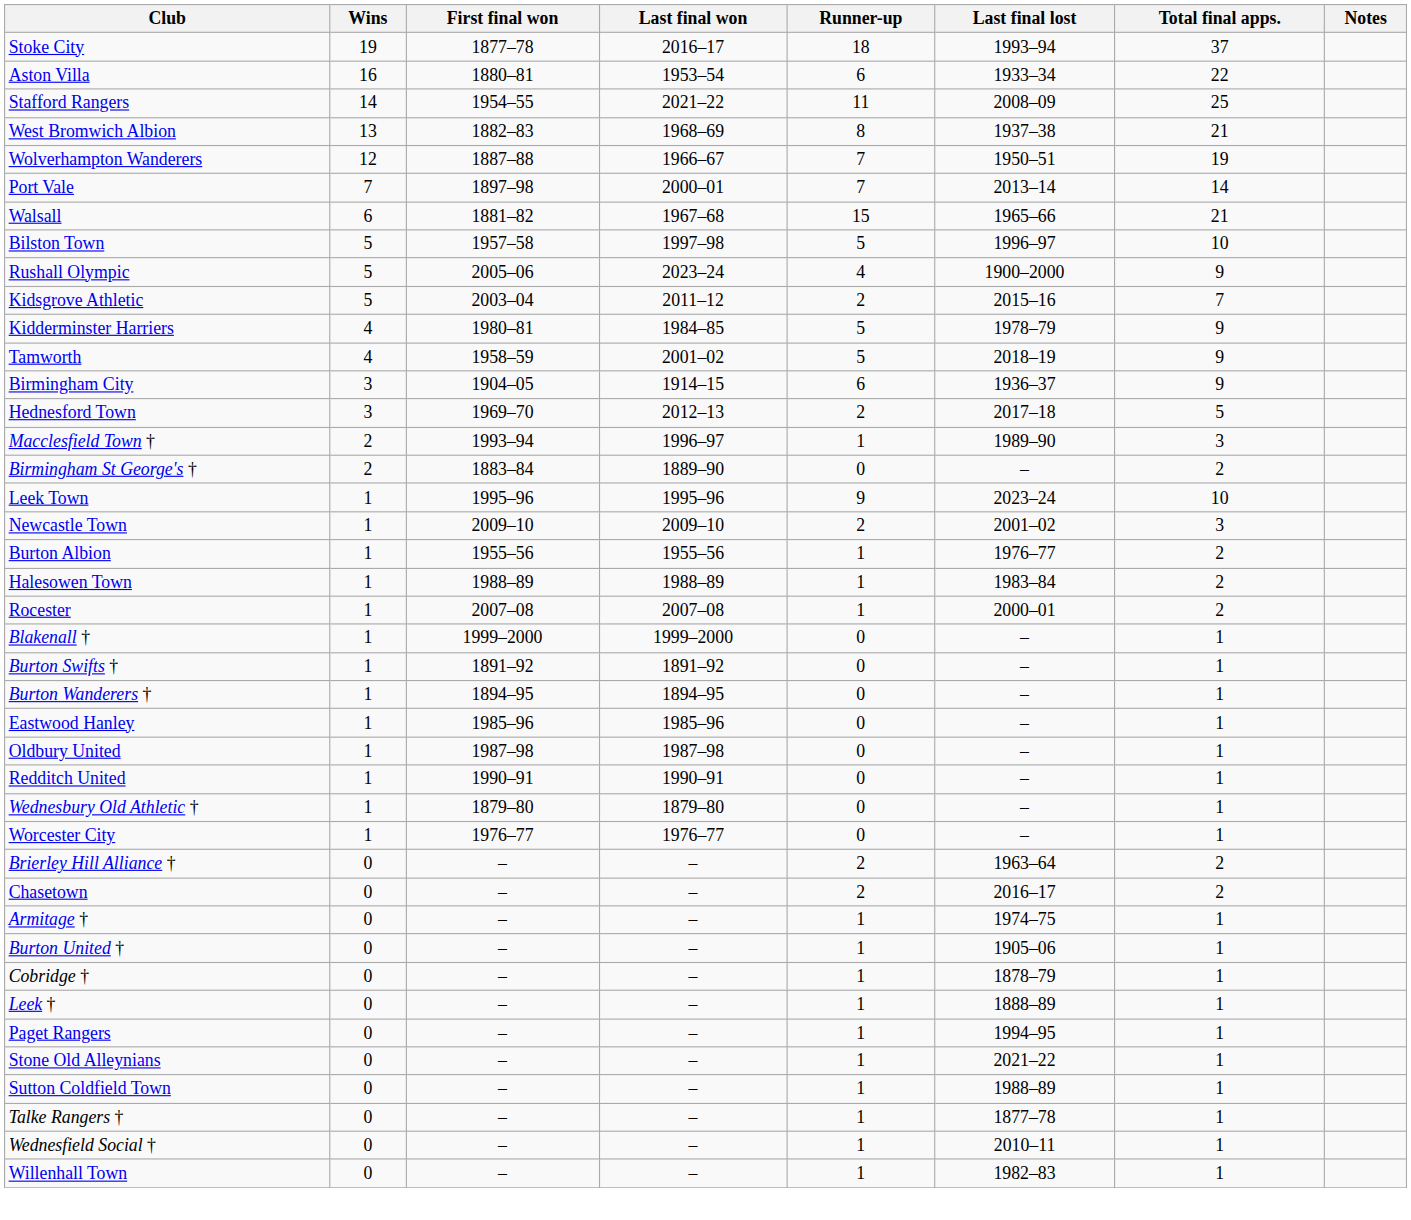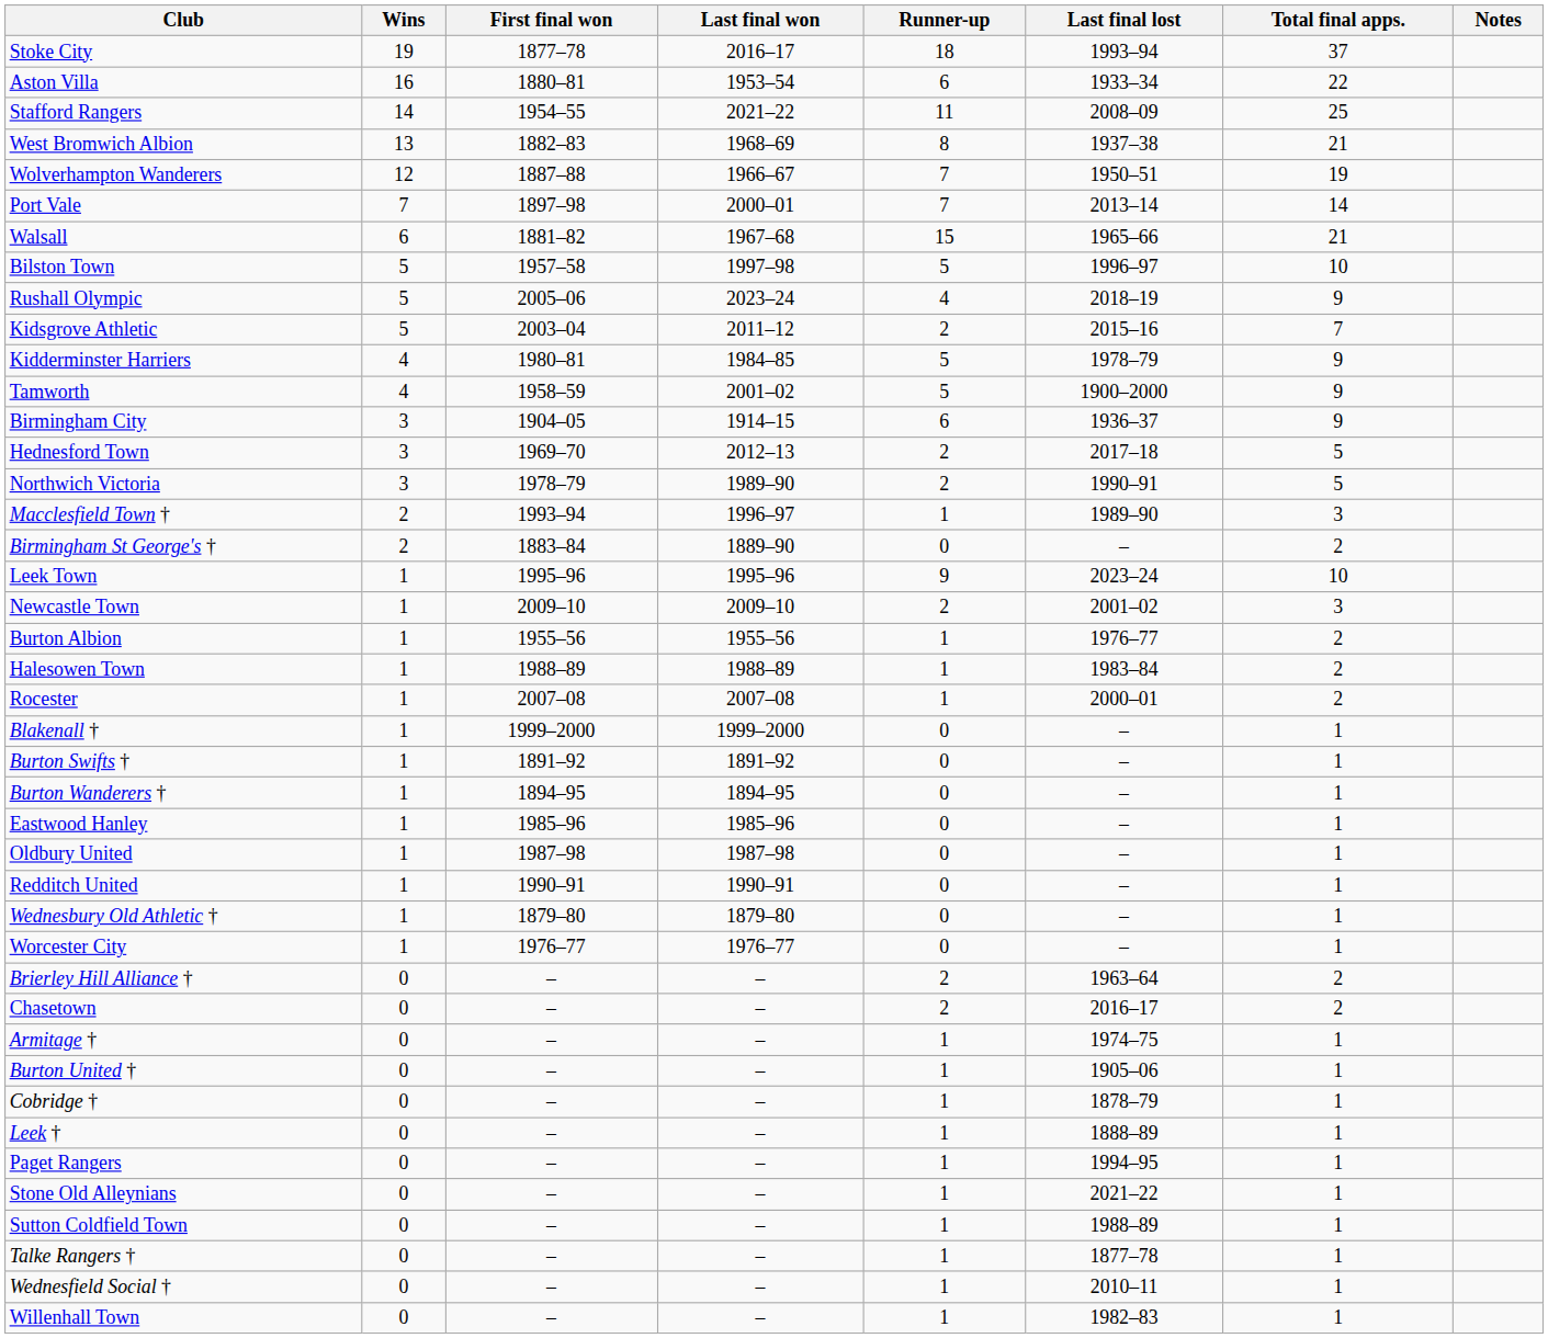 <table class="wikitable sortable" style="text-align: center; width: 100%;">
 <tr>
 <th>Club</th>
 <th>Wins</th>
 <th>First final won</th>
 <th>Last final won</th>
 <th>Runner-up</th>
 <th>Last final lost</th>
 <th>Total final apps.</th>
 <th>Notes</th>
 </tr>
 <tr>
 <td style="text-align: left"><a href='#'>Stoke City</a></td>
 <td>19</td>
 <td>1877–78</td>
 <td>2016–17</td>
 <td>18</td>
 <td>1993–94</td>
 <td>37</td>
 <td></td>
 </tr>
 <tr>
 <td style="text-align: left"><a href='#'>Aston Villa</a></td>
 <td>16</td>
 <td>1880–81</td>
 <td>1953–54</td>
 <td>6</td>
 <td>1933–34</td>
 <td>22</td>
 <td></td>
 </tr>
 <tr>
 <td style="text-align: left"><a href='#'>Stafford Rangers</a></td>
 <td>14</td>
 <td>1954–55</td>
 <td>2021–22</td>
 <td>11</td>
 <td>2008–09</td>
 <td>25</td>
 <td></td>
 </tr>
 <tr>
 <td style="text-align: left"><a href='#'>West Bromwich Albion</a></td>
 <td>13</td>
 <td>1882–83</td>
 <td>1968–69</td>
 <td>8</td>
 <td>1937–38</td>
 <td>21</td>
 <td></td>
 </tr>
 <tr>
 <td style="text-align: left"><a href='#'>Wolverhampton Wanderers</a></td>
 <td>12</td>
 <td>1887–88</td>
 <td>1966–67</td>
 <td>7</td>
 <td>1950–51</td>
 <td>19</td>
 <td></td>
 </tr>
 <tr>
 <td style="text-align: left"><a href='#'>Port Vale</a></td>
 <td>7</td>
 <td>1897–98</td>
 <td>2000–01</td>
 <td>7</td>
 <td>2013–14</td>
 <td>14</td>
 <td></td>
 </tr>
 <tr>
 <td style="text-align: left"><a href='#'>Walsall</a></td>
 <td>6</td>
 <td>1881–82</td>
 <td>1967–68</td>
 <td>15</td>
 <td>1965–66</td>
 <td>21</td>
 <td></td>
 </tr>
 <tr>
 <td style="text-align: left"><a href='#'>Bilston Town</a></td>
 <td>5</td>
 <td>1957–58</td>
 <td>1997–98</td>
 <td>5</td>
 <td>1996–97</td>
 <td>10</td>
 <td></td>
 </tr>
 <tr>
 <td style="text-align: left"><a href='#'>Rushall Olympic</a></td>
 <td>5</td>
 <td>2005–06</td>
 <td>2023–24</td>
 <td>4</td>
-<td>1900–2000</td>
+<td>2018–19</td>
 <td>9</td>
 <td></td>
 </tr>
 <tr>
 <td style="text-align: left"><a href='#'>Kidsgrove Athletic</a></td>
 <td>5</td>
 <td>2003–04</td>
 <td>2011–12</td>
 <td>2</td>
 <td>2015–16</td>
 <td>7</td>
 <td></td>
 </tr>
 <tr>
 <td style="text-align: left"><a href='#'>Kidderminster Harriers</a></td>
 <td>4</td>
 <td>1980–81</td>
 <td>1984–85</td>
 <td>5</td>
 <td>1978–79</td>
 <td>9</td>
 <td></td>
 </tr>
 <tr>
 <td style="text-align: left"><a href='#'>Tamworth</a></td>
 <td>4</td>
 <td>1958–59</td>
 <td>2001–02</td>
 <td>5</td>
-<td>2018–19</td>
+<td>1900–2000</td>
 <td>9</td>
 <td></td>
 </tr>
 <tr>
 <td style="text-align: left"><a href='#'>Birmingham City</a></td>
 <td>3</td>
 <td>1904–05</td>
 <td>1914–15</td>
 <td>6</td>
 <td>1936–37</td>
 <td>9</td>
 <td></td>
 </tr>
 <tr>
 <td style="text-align: left"><a href='#'>Hednesford Town</a></td>
 <td>3</td>
 <td>1969–70</td>
 <td>2012–13</td>
 <td>2</td>
 <td>2017–18</td>
+<td>5</td>
+<td></td>
+</tr>
+<tr>
+<td style="text-align: left"><a href='#'>Northwich Victoria</a></td>
+<td>3</td>
+<td>1978–79</td>
+<td>1989–90</td>
+<td>2</td>
+<td>1990–91</td>
 <td>5</td>
 <td></td>
 </tr>
 <tr>
 <td style="text-align: left"><em><a href='#'>Macclesfield Town</a></em> †</td>
 <td>2</td>
 <td>1993–94</td>
 <td>1996–97</td>
 <td>1</td>
 <td>1989–90</td>
 <td>3</td>
 <td></td>
 </tr>
 <tr>
 <td style="text-align: left"><em><a href='#'>Birmingham St George's</a></em> †</td>
 <td>2</td>
 <td>1883–84</td>
 <td>1889–90</td>
 <td>0</td>
 <td>–</td>
 <td>2</td>
 <td></td>
 </tr>
 <tr>
 <td style="text-align: left"><a href='#'>Leek Town</a></td>
 <td>1</td>
 <td>1995–96</td>
 <td>1995–96</td>
 <td>9</td>
 <td>2023–24</td>
 <td>10</td>
 <td></td>
 </tr>
 <tr>
 <td style="text-align: left"><a href='#'>Newcastle Town</a></td>
 <td>1</td>
 <td>2009–10</td>
 <td>2009–10</td>
 <td>2</td>
 <td>2001–02</td>
 <td>3</td>
 <td></td>
 </tr>
 <tr>
 <td style="text-align: left"><a href='#'>Burton Albion</a></td>
 <td>1</td>
 <td>1955–56</td>
 <td>1955–56</td>
 <td>1</td>
 <td>1976–77</td>
 <td>2</td>
 <td></td>
 </tr>
 <tr>
 <td style="text-align: left"><a href='#'>Halesowen Town</a></td>
 <td>1</td>
 <td>1988–89</td>
 <td>1988–89</td>
 <td>1</td>
 <td>1983–84</td>
 <td>2</td>
 <td></td>
 </tr>
 <tr>
 <td style="text-align: left"><a href='#'>Rocester</a></td>
 <td>1</td>
 <td>2007–08</td>
 <td>2007–08</td>
 <td>1</td>
 <td>2000–01</td>
 <td>2</td>
 <td></td>
 </tr>
 <tr>
 <td style="text-align: left"><em><a href='#'>Blakenall</a></em> †</td>
 <td>1</td>
 <td>1999–2000</td>
 <td>1999–2000</td>
 <td>0</td>
 <td>–</td>
 <td>1</td>
 <td></td>
 </tr>
 <tr>
 <td style="text-align: left"><em><a href='#'>Burton Swifts</a></em> †</td>
 <td>1</td>
 <td>1891–92</td>
 <td>1891–92</td>
 <td>0</td>
 <td>–</td>
 <td>1</td>
 <td></td>
 </tr>
 <tr>
 <td style="text-align: left"><em><a href='#'>Burton Wanderers</a></em> †</td>
 <td>1</td>
 <td>1894–95</td>
 <td>1894–95</td>
 <td>0</td>
 <td>–</td>
 <td>1</td>
 <td></td>
 </tr>
 <tr>
 <td style="text-align: left"><a href='#'>Eastwood Hanley</a></td>
 <td>1</td>
 <td>1985–96</td>
 <td>1985–96</td>
 <td>0</td>
 <td>–</td>
 <td>1</td>
 <td></td>
 </tr>
 <tr>
 <td style="text-align: left"><a href='#'>Oldbury United</a></td>
 <td>1</td>
 <td>1987–98</td>
 <td>1987–98</td>
 <td>0</td>
 <td>–</td>
 <td>1</td>
 <td></td>
 </tr>
 <tr>
 <td style="text-align: left"><a href='#'>Redditch United</a></td>
 <td>1</td>
 <td>1990–91</td>
 <td>1990–91</td>
 <td>0</td>
 <td>–</td>
 <td>1</td>
 <td></td>
 </tr>
 <tr>
 <td style="text-align: left"><em><a href='#'>Wednesbury Old Athletic</a></em> †</td>
 <td>1</td>
 <td>1879–80</td>
 <td>1879–80</td>
 <td>0</td>
 <td>–</td>
 <td>1</td>
 <td></td>
 </tr>
 <tr>
 <td style="text-align: left"><a href='#'>Worcester City</a></td>
 <td>1</td>
 <td>1976–77</td>
 <td>1976–77</td>
 <td>0</td>
 <td>–</td>
 <td>1</td>
 <td></td>
 </tr>
 <tr>
 <td style="text-align: left"><em><a href='#'>Brierley Hill Alliance</a></em> †</td>
 <td>0</td>
 <td>–</td>
 <td>–</td>
 <td>2</td>
 <td>1963–64</td>
 <td>2</td>
 <td></td>
 </tr>
 <tr>
 <td style="text-align: left"><a href='#'>Chasetown</a></td>
 <td>0</td>
 <td>–</td>
 <td>–</td>
 <td>2</td>
 <td>2016–17</td>
 <td>2</td>
 <td></td>
 </tr>
 <tr>
 <td style="text-align: left"><em><a href='#'>Armitage</a></em> †</td>
 <td>0</td>
 <td>–</td>
 <td>–</td>
 <td>1</td>
 <td>1974–75</td>
 <td>1</td>
 <td></td>
 </tr>
 <tr>
 <td style="text-align: left"><em><a href='#'>Burton United</a></em> †</td>
 <td>0</td>
 <td>–</td>
 <td>–</td>
 <td>1</td>
 <td>1905–06</td>
 <td>1</td>
 <td></td>
 </tr>
 <tr>
 <td style="text-align: left"><em>Cobridge</em> †</td>
 <td>0</td>
 <td>–</td>
 <td>–</td>
 <td>1</td>
 <td>1878–79</td>
 <td>1</td>
 <td></td>
 </tr>
 <tr>
 <td style="text-align: left"><em><a href='#'>Leek</a></em> †</td>
 <td>0</td>
 <td>–</td>
 <td>–</td>
 <td>1</td>
 <td>1888–89</td>
 <td>1</td>
 <td></td>
 </tr>
 <tr>
 <td style="text-align: left"><a href='#'>Paget Rangers</a></td>
 <td>0</td>
 <td>–</td>
 <td>–</td>
 <td>1</td>
 <td>1994–95</td>
 <td>1</td>
 <td></td>
 </tr>
 <tr>
 <td style="text-align: left"><a href='#'>Stone Old Alleynians</a></td>
 <td>0</td>
 <td>–</td>
 <td>–</td>
 <td>1</td>
 <td>2021–22</td>
 <td>1</td>
 <td></td>
 </tr>
 <tr>
 <td style="text-align: left"><a href='#'>Sutton Coldfield Town</a></td>
 <td>0</td>
 <td>–</td>
 <td>–</td>
 <td>1</td>
 <td>1988–89</td>
 <td>1</td>
 <td></td>
 </tr>
 <tr>
 <td style="text-align: left"><em>Talke Rangers</em> †</td>
 <td>0</td>
 <td>–</td>
 <td>–</td>
 <td>1</td>
 <td>1877–78</td>
 <td>1</td>
 <td></td>
 </tr>
 <tr>
 <td style="text-align: left"><em>Wednesfield Social</em> †</td>
 <td>0</td>
 <td>–</td>
 <td>–</td>
 <td>1</td>
 <td>2010–11</td>
 <td>1</td>
 <td></td>
 </tr>
 <tr>
 <td style="text-align: left"><a href='#'>Willenhall Town</a></td>
 <td>0</td>
 <td>–</td>
 <td>–</td>
 <td>1</td>
 <td>1982–83</td>
 <td>1</td>
 <td></td>
 </tr>
 </table>
